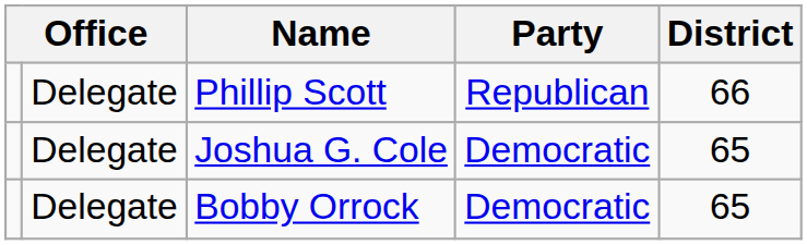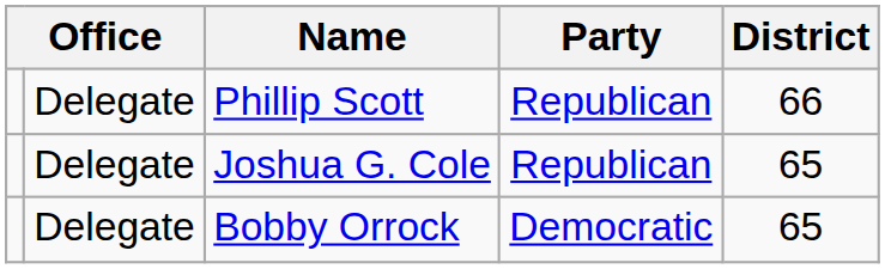 <table class=wikitable>
 <tr>
 <th colspan="2"  style="text-align:center; vertical-align:bottom;">Office</th>
 <th style="text-align:center;">Name</th>
 <th valign=bottom>Party</th>
 <th style="vertical-align:bottom; text-align:center;">District</th>
 </tr>
 <tr>
 <td style="background-color:"></td>
 <td>Delegate</td>
 <td><a href='#'>Phillip Scott</a></td>
 <td style="text-align:center;"><a href='#'>Republican</a></td>
 <td style="text-align:center;">66</td>
 </tr>
 <tr>
 <td style="background-color:"></td>
 <td>Delegate</td>
 <td><a href='#'>Joshua G. Cole</a></td>
-<td style="text-align:center;"><a href='#'>Democratic</a></td>
+<td style="text-align:center;"><a href='#'>Republican</a></td>
 <td style="text-align:center;">65</td>
 </tr>
 <tr>
 <td style="background-color:"></td>
 <td>Delegate</td>
 <td><a href='#'>Bobby Orrock</a></td>
 <td style="text-align:center;"><a href='#'>Democratic</a></td>
 <td style="text-align:center;">65</td>
 </tr>
 </table>
